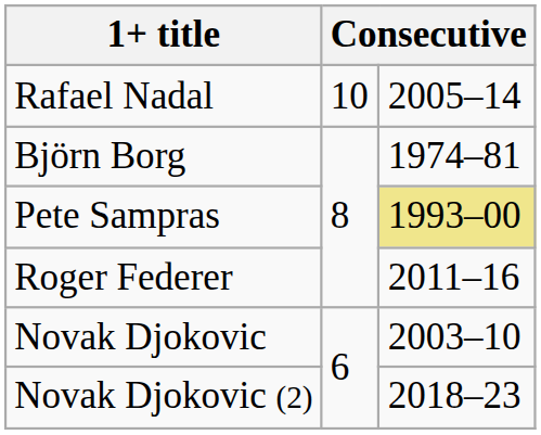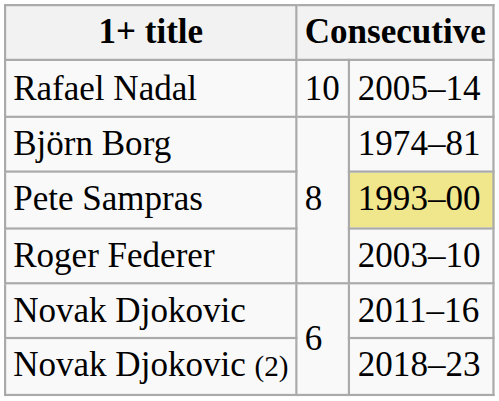 <table class="wikitable" style="display:inline-table;">
 <tr>
 <th>1+ title</th>
 <th colspan=2>Consecutive</th>
 </tr>
 <tr>
 <td> Rafael Nadal</td>
 <td>10</td>
 <td>2005–14</td>
 </tr>
 <tr>
 <td> Björn Borg</td>
 <td rowspan="3">8</td>
 <td>1974–81</td>
 </tr>
 <tr>
 <td> Pete Sampras</td>
 <td style="background: khaki;">1993–00</td>
 </tr>
 <tr>
 <td> Roger Federer</td>
-<td>2011–16</td>
+<td>2003–10</td>
 </tr>
 <tr>
 <td> Novak Djokovic</td>
 <td rowspan="2">6</td>
-<td>2003–10</td>
+<td>2011–16</td>
 </tr>
 <tr>
 <td> Novak Djokovic <small>(2)</small></td>
 <td>2018–23</td>
 </tr>
 </table>
